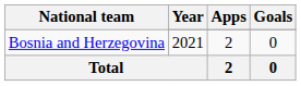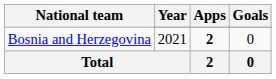 <table class="wikitable" style="text-align:center">
 <tr>
 <th>National team</th>
 <th>Year</th>
 <th>Apps</th>
 <th>Goals</th>
 </tr>
 <tr>
 <td rowspan=2><a href='#'>Bosnia and Herzegovina</a></td>
 </tr>
 <tr>
 <td>2021</td>
-<td>2</td>
+<td><strong>2</strong></td>
 <td>0</td>
 </tr>
 <tr>
 <th colspan=2>Total</th>
 <th>2</th>
 <th>0</th>
 </tr>
 </table>
